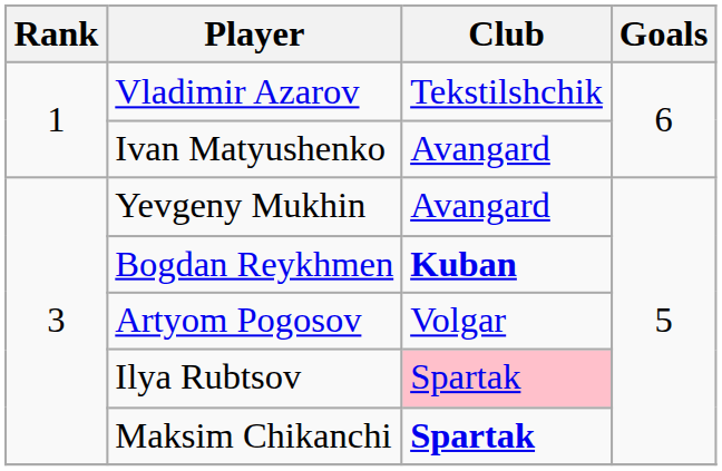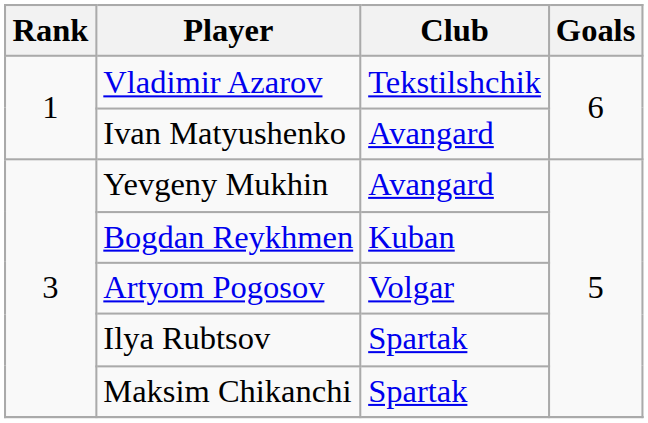 <table class="wikitable" style="text-align:center">
 <tr>
 <th>Rank</th>
 <th>Player</th>
 <th>Club</th>
 <th>Goals</th>
 </tr>
 <tr>
 <td rowspan="2">1</td>
 <td style="text-align: left;"><a href='#'>Vladimir Azarov</a></td>
 <td style="text-align: left;"><a href='#'>Tekstilshchik</a></td>
 <td rowspan="2">6</td>
 </tr>
 <tr>
 <td style="text-align: left;">Ivan Matyushenko</td>
 <td style="text-align: left;"><a href='#'>Avangard</a></td>
 </tr>
 <tr>
 <td rowspan="5">3</td>
 <td style="text-align: left;">Yevgeny Mukhin</td>
 <td style="text-align: left;"><a href='#'>Avangard</a></td>
 <td rowspan="5">5</td>
 </tr>
 <tr>
 <td style="text-align: left;"><a href='#'>Bogdan Reykhmen</a></td>
-<td style="text-align: left;"><strong><a href='#'>Kuban</a></strong></td>
+<td style="text-align: left;"><a href='#'>Kuban</a></td>
 </tr>
 <tr>
 <td style="text-align: left;"><a href='#'>Artyom Pogosov</a></td>
 <td style="text-align: left;"><a href='#'>Volgar</a></td>
 </tr>
 <tr>
 <td style="text-align: left;">Ilya Rubtsov</td>
-<td style="background: pink; text-align: left;"><a href='#'>Spartak</a></td>
+<td style="text-align: left;"><a href='#'>Spartak</a></td>
 </tr>
 <tr>
 <td style="text-align: left;">Maksim Chikanchi</td>
-<td style="text-align: left;"><strong><a href='#'>Spartak</a></strong></td>
+<td style="text-align: left;"><a href='#'>Spartak</a></td>
 </tr>
 <tr>
 </tr>
 </table>
